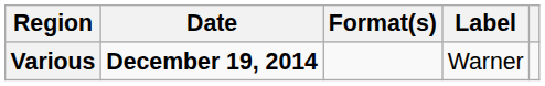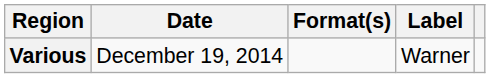 <table class="wikitable plainrowheaders">
 <tr>
 <th scope="col">Region</th>
 <th scope="col">Date</th>
 <th scope="col">Format(s)</th>
 <th scope="col">Label</th>
 <th scope="col"></th>
 </tr>
 <tr>
 <th scope="row">Various</th>
-<td><strong>December 19, 2014</strong></td>
+<td>December 19, 2014</td>
 <td></td>
 <td rowspan="2">Warner</td>
 <td></td>
 </tr>
 </table>
